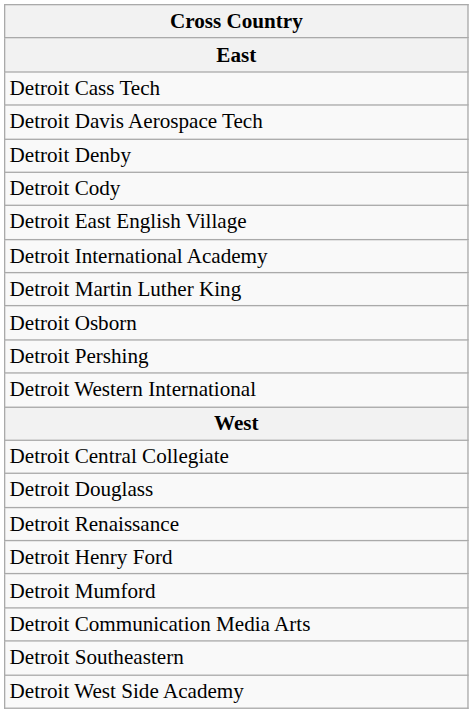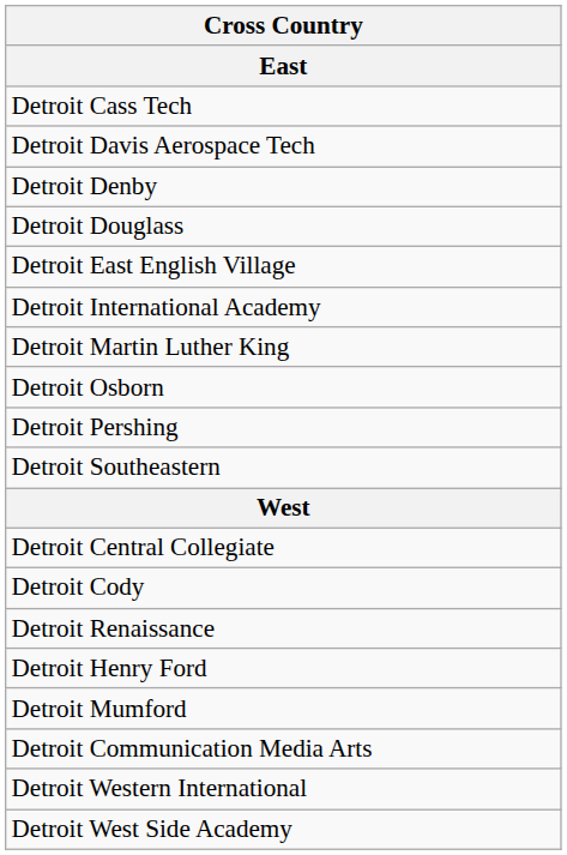 <table class="wikitable collapsible collapsed" style="width:22em">
 <tr>
 <th align=center>Cross Country</th>
 </tr>
 <tr>
 <th>East</th>
 </tr>
 <tr>
 <td>Detroit Cass Tech</td>
 </tr>
 <tr>
 <td>Detroit Davis Aerospace Tech</td>
 </tr>
 <tr>
 <td>Detroit Denby</td>
 </tr>
 <tr>
-<td>Detroit Cody</td>
+<td>Detroit Douglass</td>
 </tr>
 <tr>
 <td>Detroit East English Village</td>
 </tr>
 <tr>
 <td>Detroit International Academy</td>
 </tr>
 <tr>
 <td>Detroit Martin Luther King</td>
 </tr>
 <tr>
 <td>Detroit Osborn</td>
 </tr>
 <tr>
 <td>Detroit Pershing</td>
 </tr>
 <tr>
-<td>Detroit Western International</td>
+<td>Detroit Southeastern</td>
 </tr>
 <tr>
 <th>West</th>
 </tr>
 <tr>
 <td>Detroit Central Collegiate</td>
 </tr>
 <tr>
-<td>Detroit Douglass</td>
+<td>Detroit Cody</td>
 </tr>
 <tr>
 <td>Detroit Renaissance</td>
 </tr>
 <tr>
 <td>Detroit Henry Ford</td>
 </tr>
 <tr>
 <td>Detroit Mumford</td>
 </tr>
 <tr>
 <td>Detroit Communication Media Arts</td>
 </tr>
 <tr>
-<td>Detroit Southeastern</td>
+<td>Detroit Western International</td>
 </tr>
 <tr>
 <td>Detroit West Side Academy</td>
 </tr>
 </table>
